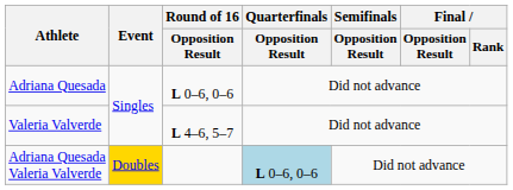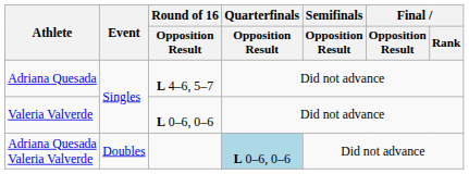 <table class="wikitable" style="font-size:90%;">
 <tr>
 <th rowspan=2>Athlete</th>
 <th rowspan=2>Event</th>
 <th>Round of 16</th>
 <th>Quarterfinals</th>
 <th>Semifinals</th>
 <th colspan=2>Final / </th>
 </tr>
 <tr style="font-size:95%">
 <th>Opposition<br>Result</th>
 <th>Opposition<br>Result</th>
 <th>Opposition<br>Result</th>
 <th>Opposition<br>Result</th>
 <th>Rank</th>
 </tr>
 <tr align=center>
 <td align=left><a href='#'>Adriana Quesada</a></td>
 <td rowspan=2 align=left><a href='#'>Singles</a></td>
+<td><br><strong>L</strong> 4–6, 5–7</td>
+<td colspan=4>Did not advance</td>
+</tr>
+<tr align=center>
+<td align=left><a href='#'>Valeria Valverde</a></td>
 <td><br><strong>L</strong> 0–6, 0–6</td>
 <td colspan=4>Did not advance</td>
 </tr>
 <tr align=center>
-<td align=left><a href='#'>Valeria Valverde</a></td>
-<td><br><strong>L</strong> 4–6, 5–7</td>
-<td colspan=4>Did not advance</td>
-</tr>
-<tr align=center>
 <td align=left><a href='#'>Adriana Quesada</a><br><a href='#'>Valeria Valverde</a></td>
-<td align=left style="background: gold;"><a href='#'>Doubles</a></td>
+<td align=left><a href='#'>Doubles</a></td>
 <td></td>
 <td style="background: lightblue;"><br><strong>L</strong> 0–6, 0–6</td>
 <td colspan=3>Did not advance</td>
 </tr>
 </table>
